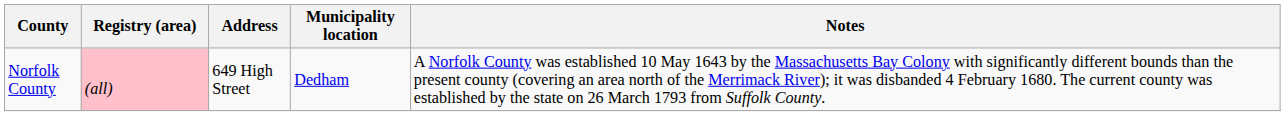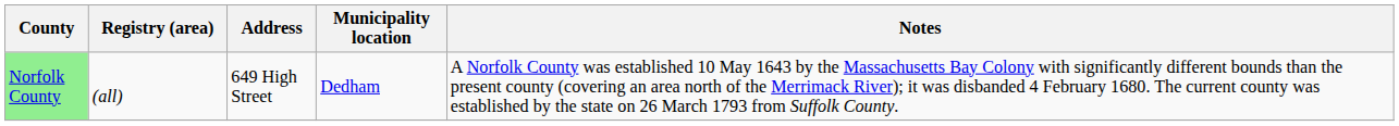 <table class="wikitable" width="100%">
 <tr>
 <th style="width:6%">County</th>
 <th style="width:10%">Registry (area)</th>
 <th>Address</th>
 <th>Municipality location</th>
 <th>Notes</th>
 </tr>
 <tr>
-<td><a href='#'>Norfolk County</a></td>
-<td style="background: pink;"><br><em>(all)</em></td>
+<td style="background: lightgreen;"><a href='#'>Norfolk County</a></td>
+<td><br><em>(all)</em></td>
 <td>649 High Street</td>
 <td><a href='#'>Dedham</a></td>
 <td>A <a href='#'>Norfolk County</a> was established 10 May 1643 by the <a href='#'>Massachusetts Bay Colony</a> with significantly different bounds than the present county (covering an area north of the <a href='#'>Merrimack River</a>); it was disbanded 4 February 1680. The current county was established by the state on 26 March 1793 from <em>Suffolk County</em>.</td>
 </tr>
 <tr>
 </tr>
 </table>
